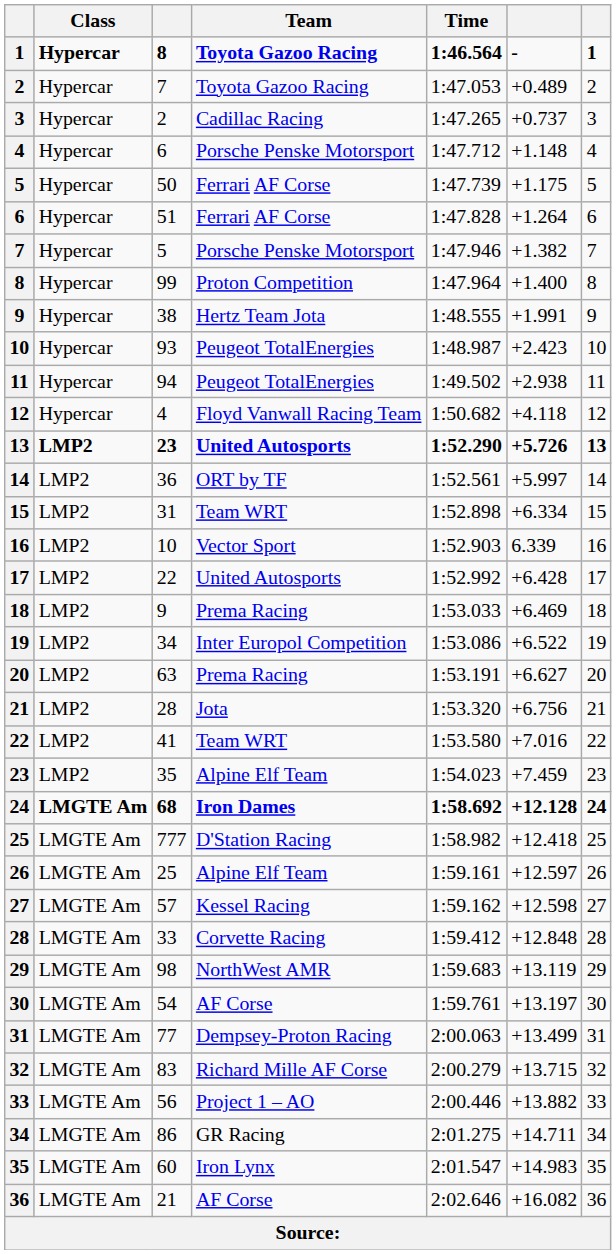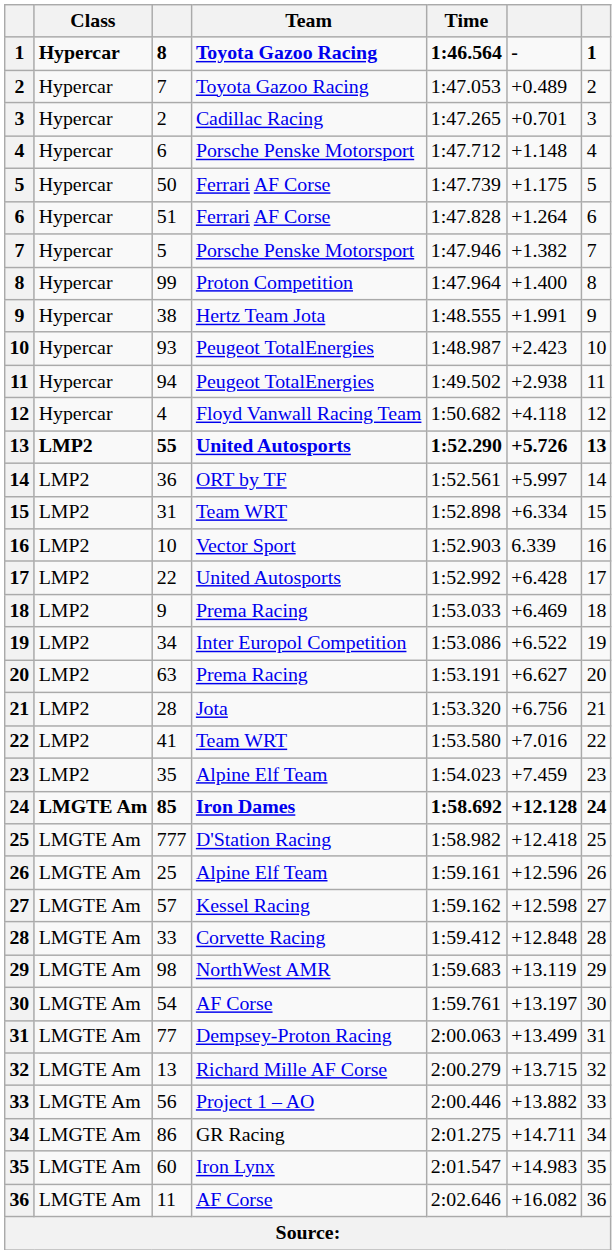 <table class="wikitable" style="font-size:85%;">
 <tr>
 <th></th>
 <th>Class</th>
 <th></th>
 <th>Team</th>
 <th>Time</th>
 <th></th>
 <th></th>
 </tr>
 <tr style="font-weight:bold">
 <th>1</th>
 <td>Hypercar</td>
 <td>8</td>
 <td> <a href='#'>Toyota Gazoo Racing</a></td>
 <td>1:46.564</td>
 <td>-</td>
 <td>1</td>
 </tr>
 <tr>
 <th>2</th>
 <td>Hypercar</td>
 <td>7</td>
 <td> <a href='#'>Toyota Gazoo Racing</a></td>
 <td>1:47.053</td>
 <td>+0.489</td>
 <td>2</td>
 </tr>
 <tr>
 <th>3</th>
 <td>Hypercar</td>
 <td>2</td>
 <td> <a href='#'>Cadillac Racing</a></td>
 <td>1:47.265</td>
-<td>+0.737</td>
+<td>+0.701</td>
 <td>3</td>
 </tr>
 <tr>
 <th>4</th>
 <td>Hypercar</td>
 <td>6</td>
 <td> <a href='#'>Porsche Penske Motorsport</a></td>
 <td>1:47.712</td>
 <td>+1.148</td>
 <td>4</td>
 </tr>
 <tr>
 <th>5</th>
 <td>Hypercar</td>
 <td>50</td>
 <td> <a href='#'>Ferrari</a> <a href='#'>AF Corse</a></td>
 <td>1:47.739</td>
 <td>+1.175</td>
 <td>5</td>
 </tr>
 <tr>
 <th>6</th>
 <td>Hypercar</td>
 <td>51</td>
 <td> <a href='#'>Ferrari</a> <a href='#'>AF Corse</a></td>
 <td>1:47.828</td>
 <td>+1.264</td>
 <td>6</td>
 </tr>
 <tr>
 <th>7</th>
 <td>Hypercar</td>
 <td>5</td>
 <td> <a href='#'>Porsche Penske Motorsport</a></td>
 <td>1:47.946</td>
 <td>+1.382</td>
 <td>7</td>
 </tr>
 <tr>
 <th>8</th>
 <td>Hypercar</td>
 <td>99</td>
 <td> <a href='#'>Proton Competition</a></td>
 <td>1:47.964</td>
 <td>+1.400</td>
 <td>8</td>
 </tr>
 <tr>
 <th>9</th>
 <td>Hypercar</td>
 <td>38</td>
 <td> <a href='#'>Hertz Team Jota</a></td>
 <td>1:48.555</td>
 <td>+1.991</td>
 <td>9</td>
 </tr>
 <tr>
 <th>10</th>
 <td>Hypercar</td>
 <td>93</td>
 <td> <a href='#'>Peugeot TotalEnergies</a></td>
 <td>1:48.987</td>
 <td>+2.423</td>
 <td>10</td>
 </tr>
 <tr>
 <th>11</th>
 <td>Hypercar</td>
 <td>94</td>
 <td> <a href='#'>Peugeot TotalEnergies</a></td>
 <td>1:49.502</td>
 <td>+2.938</td>
 <td>11</td>
 </tr>
 <tr>
 <th>12</th>
 <td>Hypercar</td>
 <td>4</td>
 <td> <a href='#'>Floyd Vanwall Racing Team</a></td>
 <td>1:50.682</td>
 <td>+4.118</td>
 <td>12</td>
 </tr>
 <tr style="font-weight:bold">
 <th>13</th>
 <td>LMP2</td>
-<td>23</td>
+<td>55</td>
 <td> <a href='#'>United Autosports</a></td>
 <td>1:52.290</td>
 <td>+5.726</td>
 <td>13</td>
 </tr>
 <tr>
 <th>14</th>
 <td>LMP2</td>
 <td>36</td>
 <td> <a href='#'>ORT by TF</a></td>
 <td>1:52.561</td>
 <td>+5.997</td>
 <td>14</td>
 </tr>
 <tr>
 <th>15</th>
 <td>LMP2</td>
 <td>31</td>
 <td> <a href='#'>Team WRT</a></td>
 <td>1:52.898</td>
 <td>+6.334</td>
 <td>15</td>
 </tr>
 <tr>
 <th>16</th>
 <td>LMP2</td>
 <td>10</td>
 <td> <a href='#'>Vector Sport</a></td>
 <td>1:52.903</td>
 <td>6.339</td>
 <td>16</td>
 </tr>
 <tr>
 <th>17</th>
 <td>LMP2</td>
 <td>22</td>
 <td> <a href='#'>United Autosports</a></td>
 <td>1:52.992</td>
 <td>+6.428</td>
 <td>17</td>
 </tr>
 <tr>
 <th>18</th>
 <td>LMP2</td>
 <td>9</td>
 <td> <a href='#'>Prema Racing</a></td>
 <td>1:53.033</td>
 <td>+6.469</td>
 <td>18</td>
 </tr>
 <tr>
 <th>19</th>
 <td>LMP2</td>
 <td>34</td>
 <td> <a href='#'>Inter Europol Competition</a></td>
 <td>1:53.086</td>
 <td>+6.522</td>
 <td>19</td>
 </tr>
 <tr>
 <th>20</th>
 <td>LMP2</td>
 <td>63</td>
 <td> <a href='#'>Prema Racing</a></td>
 <td>1:53.191</td>
 <td>+6.627</td>
 <td>20</td>
 </tr>
 <tr>
 <th>21</th>
 <td>LMP2</td>
 <td>28</td>
 <td> <a href='#'>Jota</a></td>
 <td>1:53.320</td>
 <td>+6.756</td>
 <td>21</td>
 </tr>
 <tr>
 <th>22</th>
 <td>LMP2</td>
 <td>41</td>
 <td> <a href='#'>Team WRT</a></td>
 <td>1:53.580</td>
 <td>+7.016</td>
 <td>22</td>
 </tr>
 <tr>
 <th>23</th>
 <td>LMP2</td>
 <td>35</td>
 <td> <a href='#'>Alpine Elf Team</a></td>
 <td>1:54.023</td>
 <td>+7.459</td>
 <td>23</td>
 </tr>
 <tr style="font-weight:bold">
 <th>24</th>
 <td>LMGTE Am</td>
-<td>68</td>
+<td>85</td>
 <td> <a href='#'>Iron Dames</a></td>
 <td>1:58.692</td>
 <td>+12.128</td>
 <td>24</td>
 </tr>
 <tr>
 <th>25</th>
 <td>LMGTE Am</td>
 <td>777</td>
 <td> <a href='#'>D'Station Racing</a></td>
 <td>1:58.982</td>
 <td>+12.418</td>
 <td>25</td>
 </tr>
 <tr>
 <th>26</th>
 <td>LMGTE Am</td>
 <td>25</td>
 <td> <a href='#'>Alpine Elf Team</a></td>
 <td>1:59.161</td>
-<td>+12.597</td>
+<td>+12.596</td>
 <td>26</td>
 </tr>
 <tr>
 <th>27</th>
 <td>LMGTE Am</td>
 <td>57</td>
 <td> <a href='#'>Kessel Racing</a></td>
 <td>1:59.162</td>
 <td>+12.598</td>
 <td>27</td>
 </tr>
 <tr>
 <th>28</th>
 <td>LMGTE Am</td>
 <td>33</td>
 <td> <a href='#'>Corvette Racing</a></td>
 <td>1:59.412</td>
 <td>+12.848</td>
 <td>28</td>
 </tr>
 <tr>
 <th>29</th>
 <td>LMGTE Am</td>
 <td>98</td>
 <td> <a href='#'>NorthWest AMR</a></td>
 <td>1:59.683</td>
 <td>+13.119</td>
 <td>29</td>
 </tr>
 <tr>
 <th>30</th>
 <td>LMGTE Am</td>
 <td>54</td>
 <td> <a href='#'>AF Corse</a></td>
 <td>1:59.761</td>
 <td>+13.197</td>
 <td>30</td>
 </tr>
 <tr>
 <th>31</th>
 <td>LMGTE Am</td>
 <td>77</td>
 <td> <a href='#'>Dempsey-Proton Racing</a></td>
 <td>2:00.063</td>
 <td>+13.499</td>
 <td>31</td>
 </tr>
 <tr>
 <th>32</th>
 <td>LMGTE Am</td>
-<td>83</td>
+<td>13</td>
 <td> <a href='#'>Richard Mille AF Corse</a></td>
 <td>2:00.279</td>
 <td>+13.715</td>
 <td>32</td>
 </tr>
 <tr>
 <th>33</th>
 <td>LMGTE Am</td>
 <td>56</td>
 <td> <a href='#'>Project 1 – AO</a></td>
 <td>2:00.446</td>
 <td>+13.882</td>
 <td>33</td>
 </tr>
 <tr>
 <th>34</th>
 <td>LMGTE Am</td>
 <td>86</td>
 <td> GR Racing</td>
 <td>2:01.275</td>
 <td>+14.711</td>
 <td>34</td>
 </tr>
 <tr>
 <th>35</th>
 <td>LMGTE Am</td>
 <td>60</td>
 <td> <a href='#'>Iron Lynx</a></td>
 <td>2:01.547</td>
 <td>+14.983</td>
 <td>35</td>
 </tr>
 <tr>
 <th>36</th>
 <td>LMGTE Am</td>
-<td>21</td>
+<td>11</td>
 <td> <a href='#'>AF Corse</a></td>
 <td>2:02.646</td>
 <td>+16.082</td>
 <td>36</td>
 </tr>
 <tr>
 <th colspan="7">Source:</th>
 </tr>
 </table>
